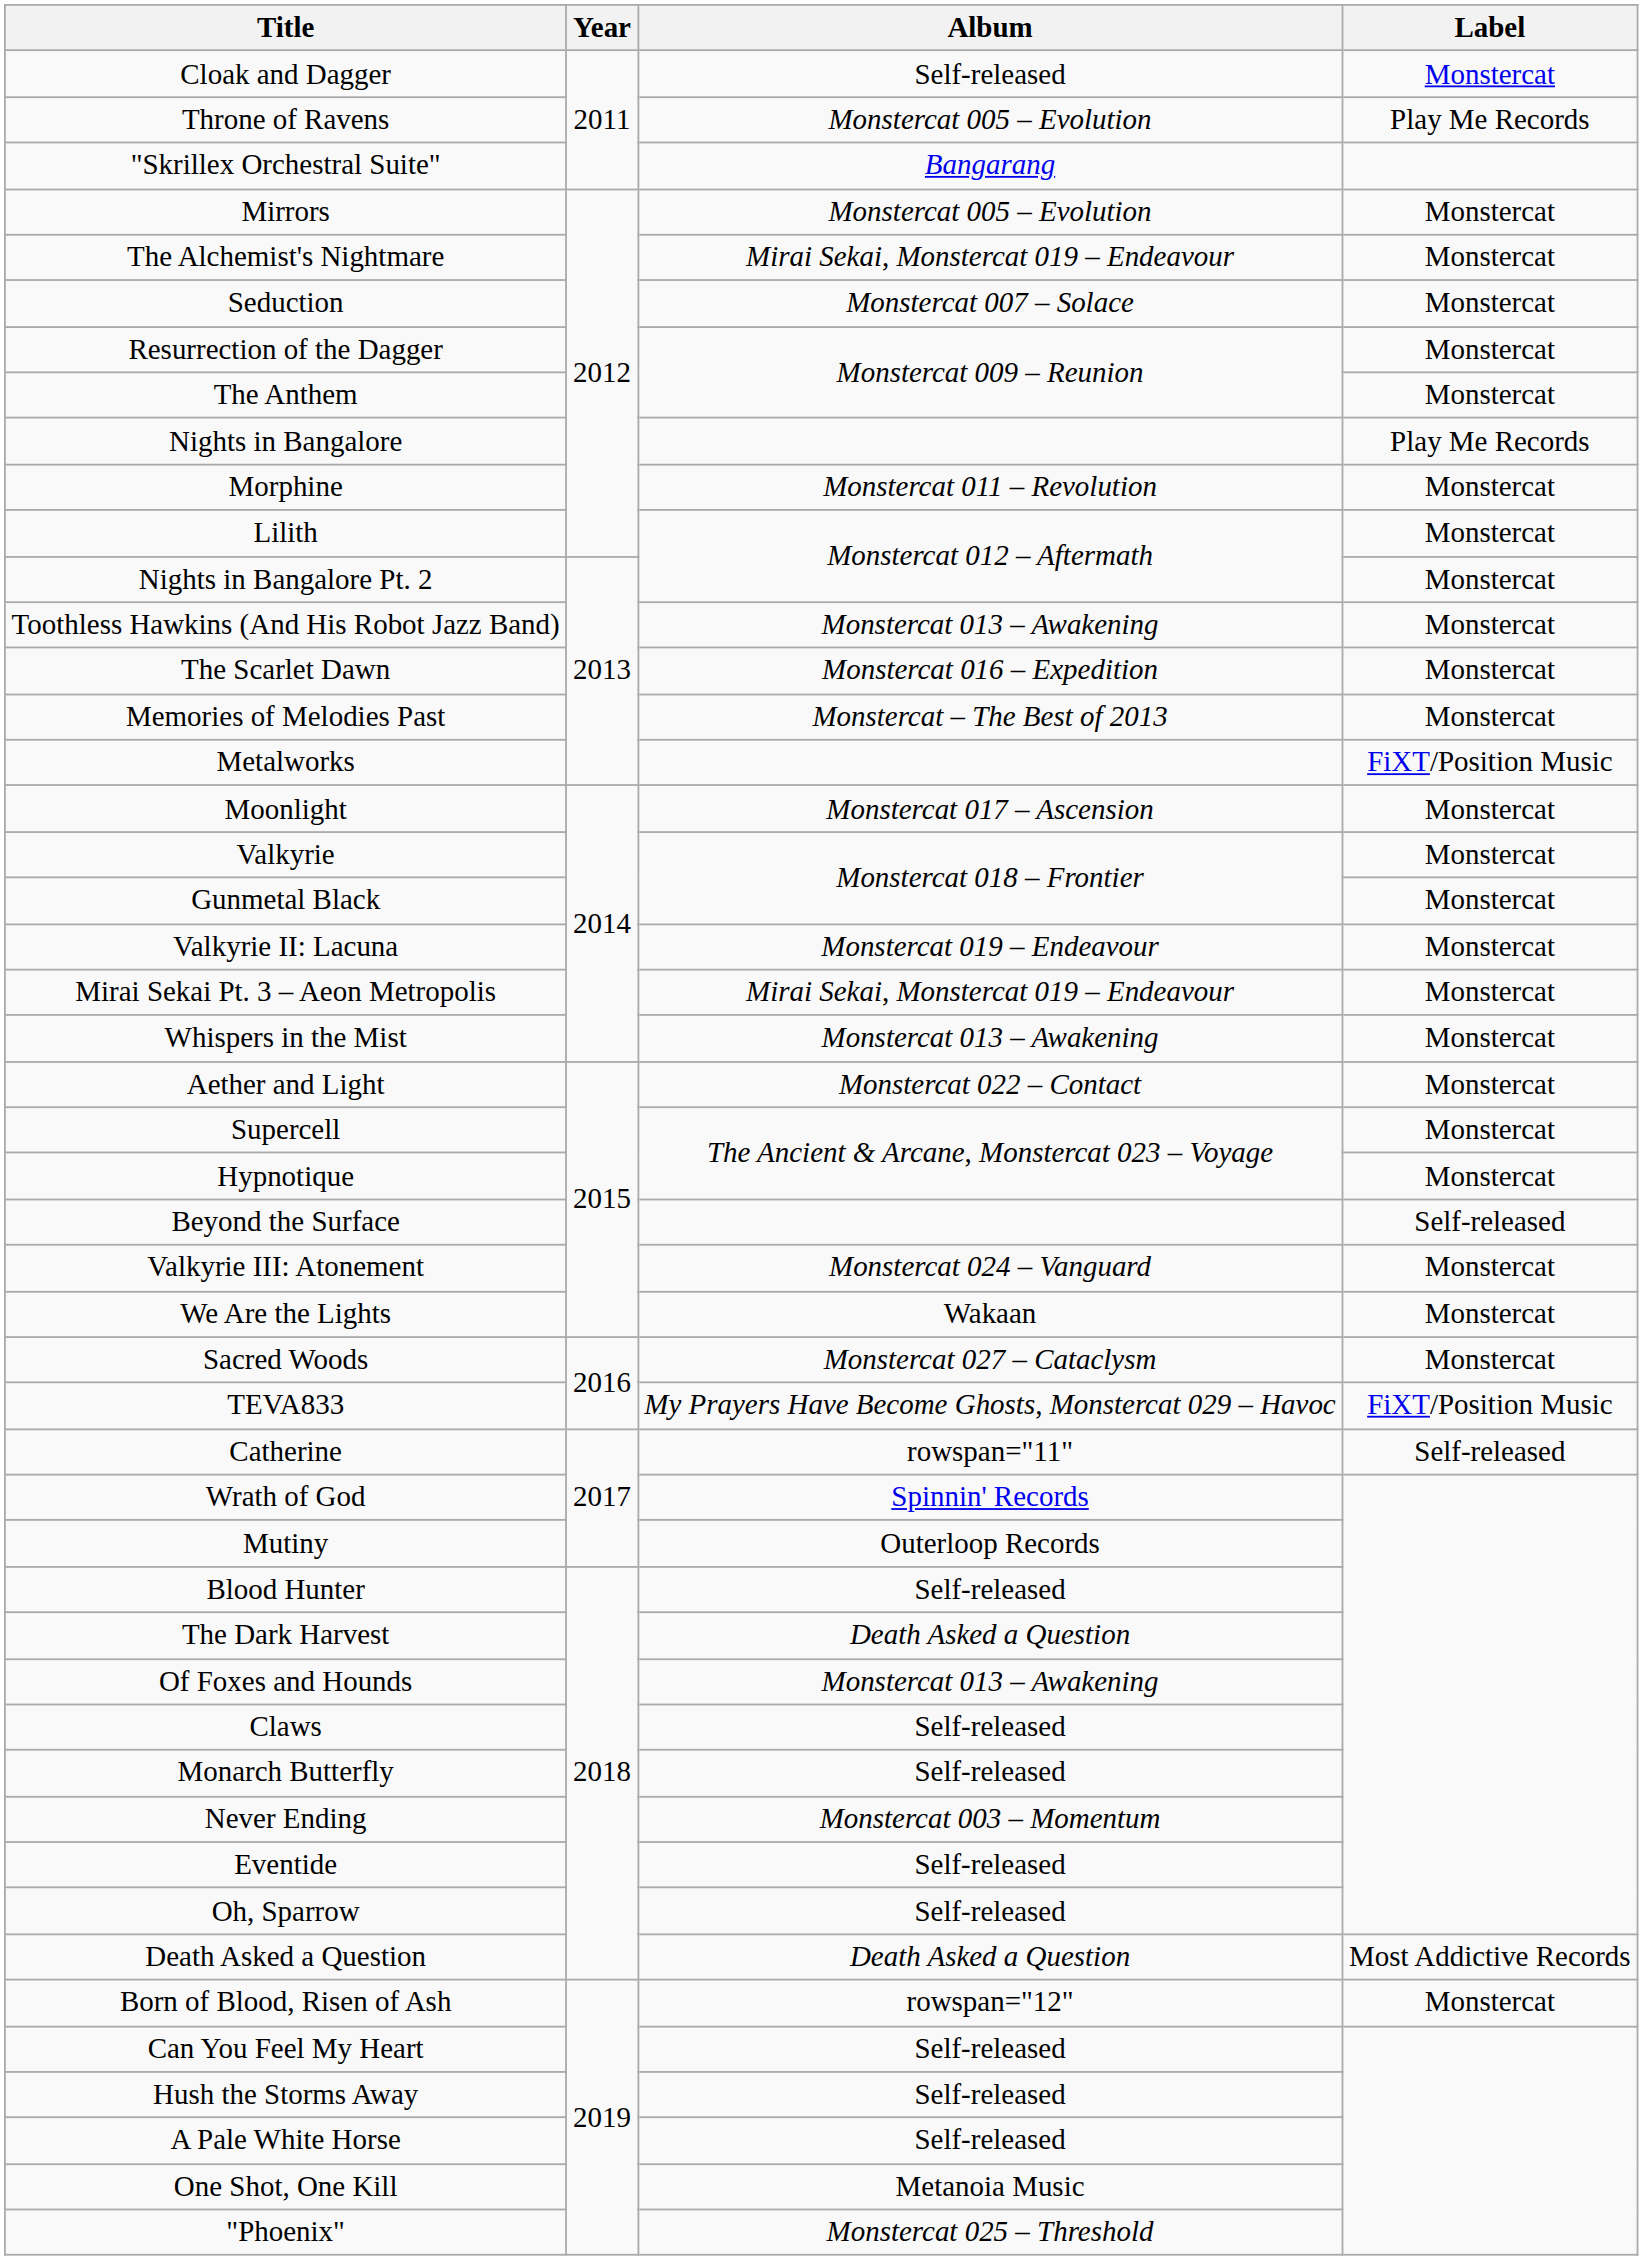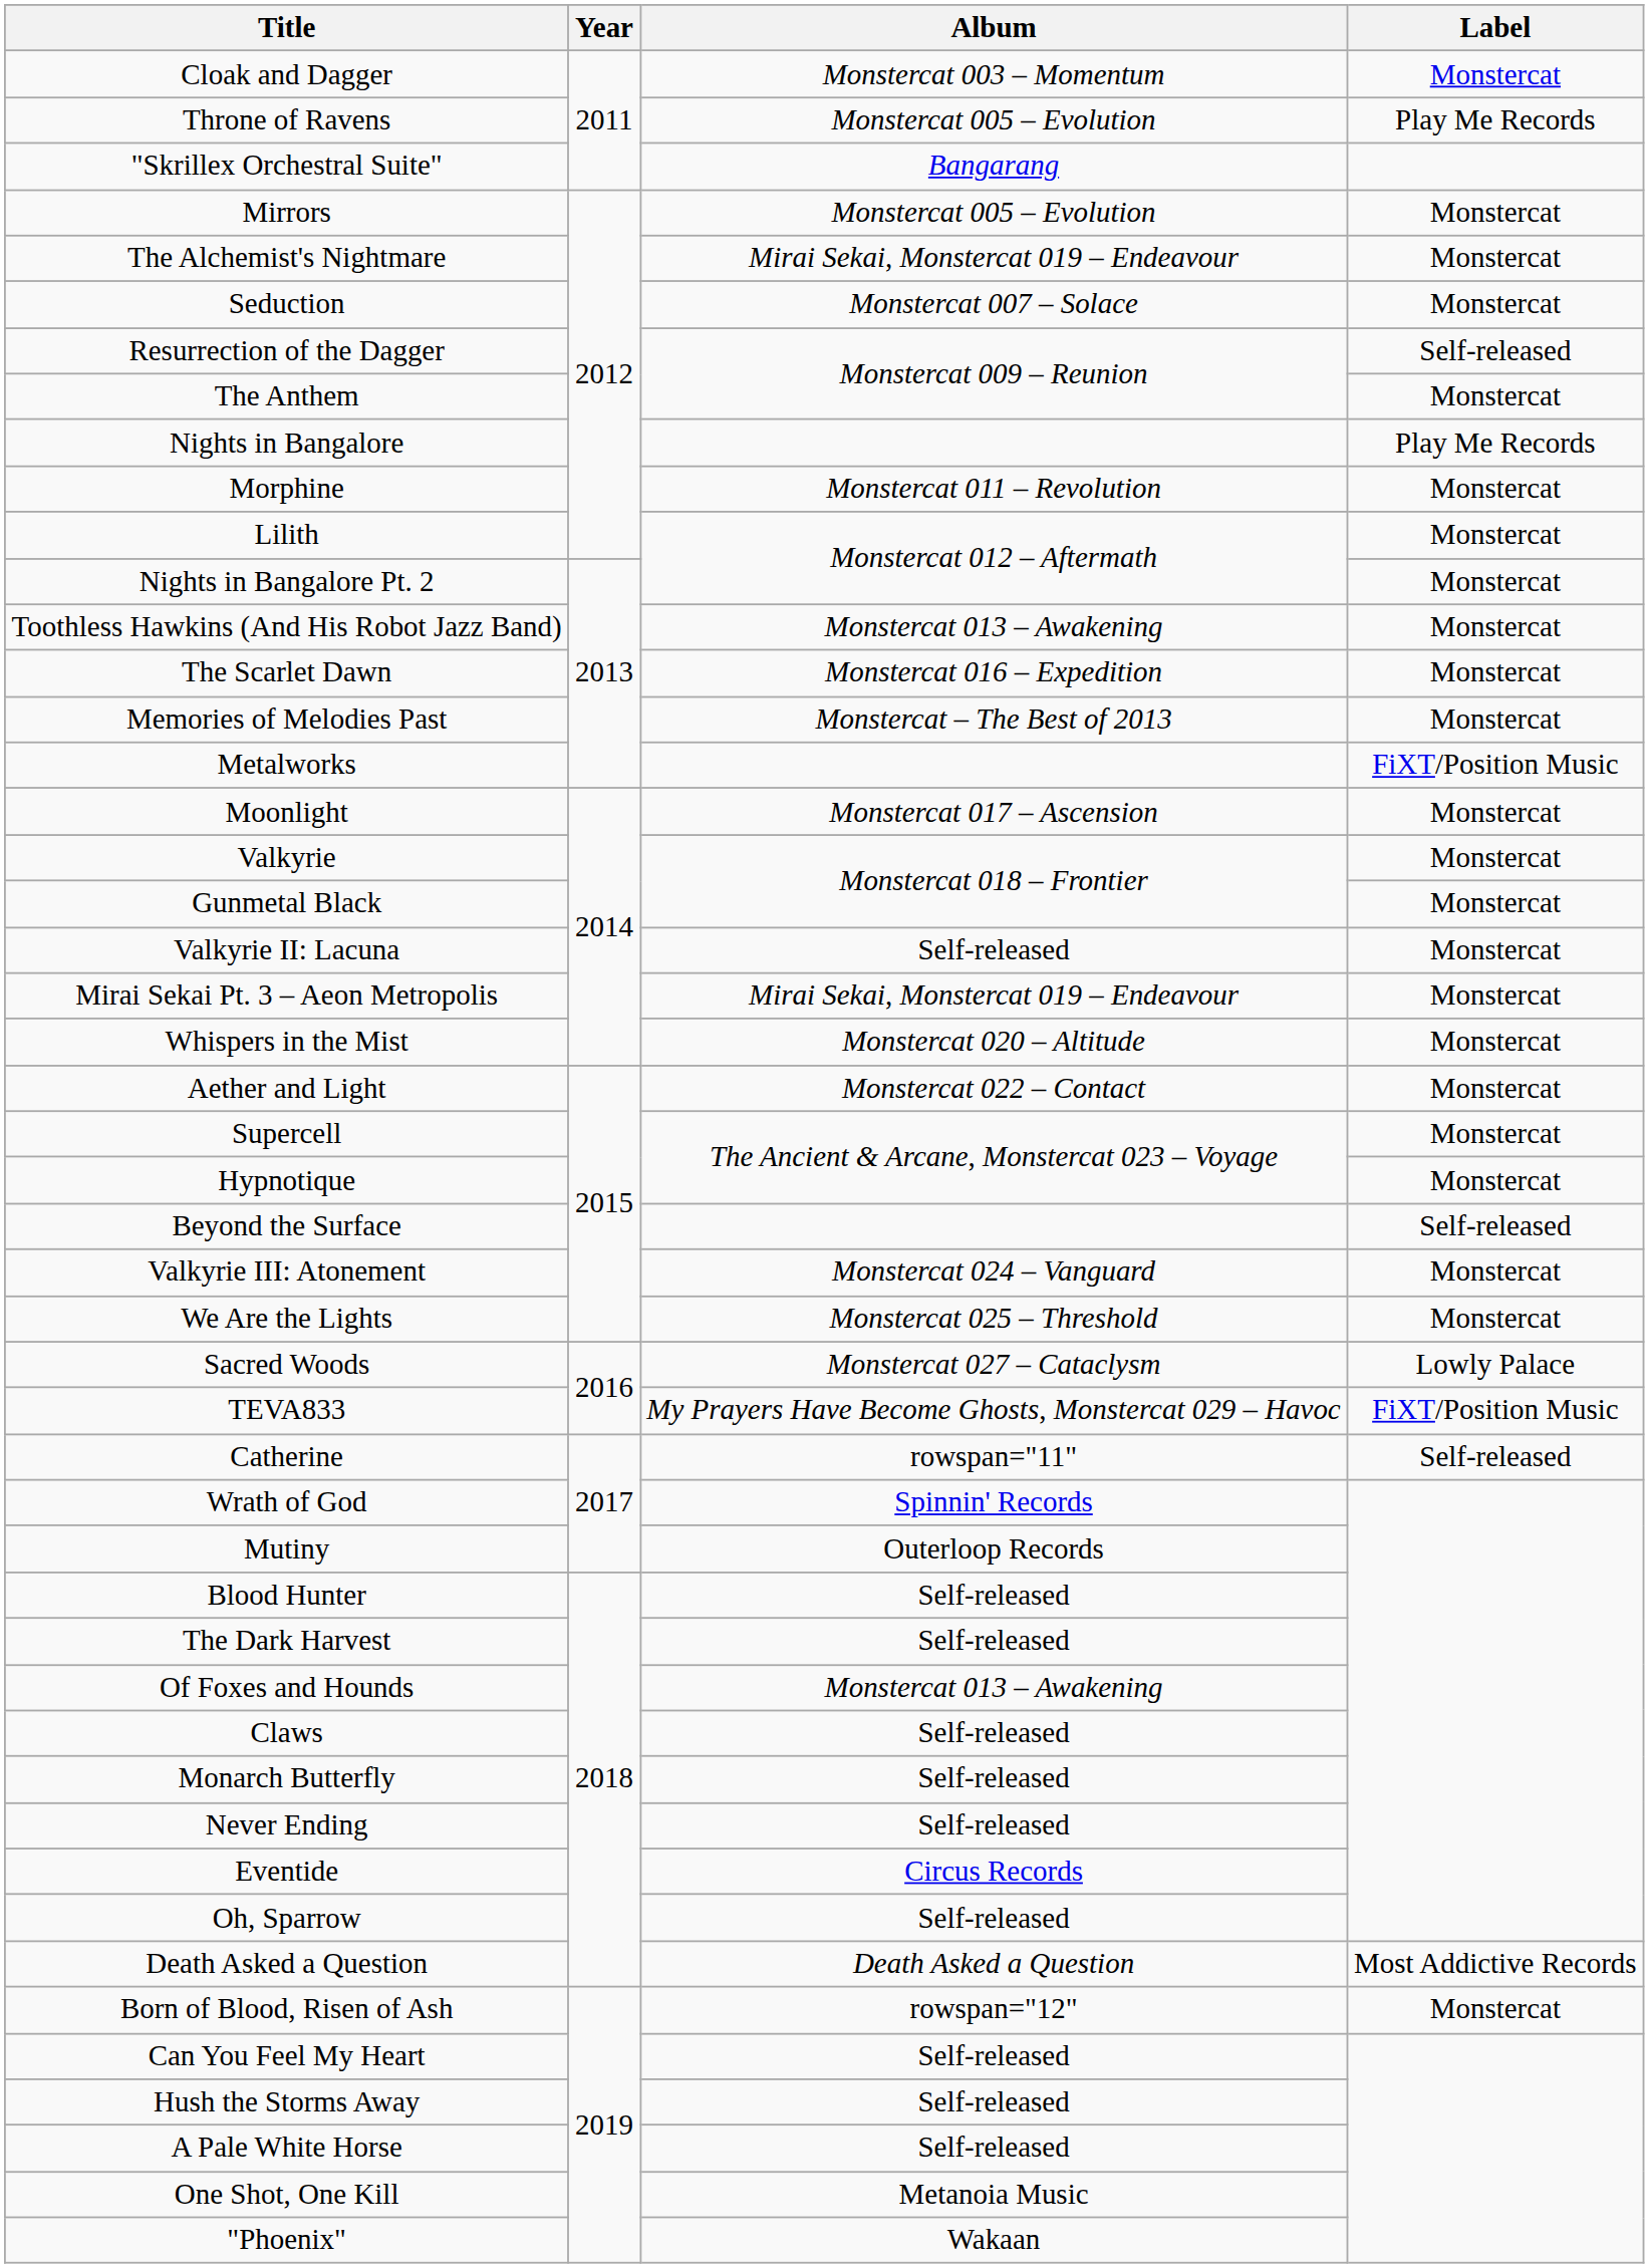 <table class="wikitable plainrowheaders" style="text-align:center;">
 <tr>
 <th scope="col">Title</th>
 <th scope="col">Year</th>
 <th scope="col">Album</th>
 <th scope="col">Label</th>
 </tr>
 <tr>
 <td>Cloak and Dagger</td>
 <td rowspan="3">2011</td>
-<td>Self-released</td>
+<td><em>Monstercat 003 – Momentum</em></td>
 <td><a href='#'>Monstercat</a></td>
 </tr>
 <tr>
 <td>Throne of Ravens</td>
 <td><em>Monstercat 005 – Evolution</em></td>
 <td>Play Me Records</td>
 </tr>
 <tr>
 <td>"Skrillex Orchestral Suite"<br></td>
 <td><em><a href='#'>Bangarang</a></em></td>
 <td></td>
 </tr>
 <tr>
 <td>Mirrors</td>
 <td rowspan="8">2012</td>
 <td><em>Monstercat 005 – Evolution</em></td>
 <td>Monstercat</td>
 </tr>
 <tr>
 <td>The Alchemist's Nightmare</td>
 <td><em>Mirai Sekai</em>, <em>Monstercat 019 – Endeavour</em></td>
 <td>Monstercat</td>
 </tr>
 <tr>
 <td>Seduction</td>
 <td><em>Monstercat 007 – Solace</em></td>
 <td>Monstercat</td>
 </tr>
 <tr>
 <td>Resurrection of the Dagger</td>
 <td rowspan="2"><em>Monstercat 009 – Reunion</em></td>
-<td>Monstercat</td>
+<td>Self-released</td>
 </tr>
 <tr>
 <td>The Anthem </td>
 <td>Monstercat</td>
 </tr>
 <tr>
 <td>Nights in Bangalore</td>
 <td></td>
 <td>Play Me Records</td>
 </tr>
 <tr>
 <td>Morphine</td>
 <td><em>Monstercat 011 – Revolution</em></td>
 <td>Monstercat</td>
 </tr>
 <tr>
 <td>Lilith</td>
 <td rowspan="2"><em>Monstercat 012 – Aftermath</em></td>
 <td>Monstercat</td>
 </tr>
 <tr>
 <td>Nights in Bangalore Pt. 2</td>
 <td rowspan="5">2013</td>
 <td>Monstercat</td>
 </tr>
 <tr>
 <td>Toothless Hawkins (And His Robot Jazz Band) </td>
 <td><em>Monstercat 013 – Awakening</em></td>
 <td>Monstercat</td>
 </tr>
 <tr>
 <td>The Scarlet Dawn</td>
 <td><em>Monstercat 016 – Expedition</em></td>
 <td>Monstercat</td>
 </tr>
 <tr>
 <td>Memories of Melodies Past</td>
 <td><em>Monstercat – The Best of 2013</em></td>
 <td>Monstercat</td>
 </tr>
 <tr>
 <td>Metalworks</td>
 <td></td>
 <td><a href='#'>FiXT</a>/Position Music</td>
 </tr>
 <tr>
 <td>Moonlight </td>
 <td rowspan="6">2014</td>
 <td><em>Monstercat 017 – Ascension</em></td>
 <td>Monstercat</td>
 </tr>
 <tr>
 <td>Valkyrie </td>
 <td rowspan="2"><em>Monstercat 018 – Frontier</em></td>
 <td>Monstercat</td>
 </tr>
 <tr>
 <td>Gunmetal Black</td>
 <td>Monstercat</td>
 </tr>
 <tr>
 <td>Valkyrie II: Lacuna </td>
-<td><em>Monstercat 019 – Endeavour</em></td>
+<td>Self-released</td>
 <td>Monstercat</td>
 </tr>
 <tr>
 <td>Mirai Sekai Pt. 3 – Aeon Metropolis</td>
 <td><em>Mirai Sekai</em>, <em>Monstercat 019 – Endeavour</em></td>
 <td>Monstercat</td>
 </tr>
 <tr>
 <td>Whispers in the Mist </td>
-<td><em>Monstercat 013 – Awakening</em></td>
+<td><em>Monstercat 020 – Altitude</em></td>
 <td>Monstercat</td>
 </tr>
 <tr>
 <td>Aether and Light</td>
 <td rowspan="6">2015</td>
 <td><em>Monstercat 022 – Contact</em></td>
 <td>Monstercat</td>
 </tr>
 <tr>
 <td>Supercell </td>
 <td rowspan="2"><em>The Ancient & Arcane</em>, <em>Monstercat 023 – Voyage</em></td>
 <td>Monstercat</td>
 </tr>
 <tr>
 <td>Hypnotique </td>
 <td>Monstercat</td>
 </tr>
 <tr>
 <td>Beyond the Surface</td>
 <td></td>
 <td>Self-released</td>
 </tr>
 <tr>
 <td>Valkyrie III:  Atonement </td>
 <td><em>Monstercat 024 – Vanguard</em></td>
 <td>Monstercat</td>
 </tr>
 <tr>
 <td>We Are the Lights </td>
-<td>Wakaan</td>
+<td><em>Monstercat 025 – Threshold</em></td>
 <td>Monstercat</td>
 </tr>
 <tr>
 <td>Sacred Woods </td>
 <td rowspan="2">2016</td>
 <td><em>Monstercat 027 – Cataclysm</em></td>
-<td>Monstercat</td>
+<td>Lowly Palace</td>
 </tr>
 <tr>
 <td>TEVA833</td>
 <td><em>My Prayers Have Become Ghosts</em>, <em>Monstercat 029 – Havoc</em></td>
 <td><a href='#'>FiXT</a>/Position Music</td>
 </tr>
 <tr>
 <td>Catherine </td>
 <td rowspan="3">2017</td>
 <td>rowspan="11" </td>
 <td>Self-released</td>
 </tr>
 <tr>
 <td>Wrath of God </td>
 <td><a href='#'>Spinnin' Records</a></td>
 </tr>
 <tr>
 <td>Mutiny</td>
 <td>Outerloop Records</td>
 </tr>
 <tr>
 <td>Blood Hunter</td>
 <td rowspan="9">2018</td>
 <td>Self-released</td>
 </tr>
 <tr>
 <td>The Dark Harvest</td>
-<td><em>Death Asked a Question</em></td>
+<td>Self-released</td>
 </tr>
 <tr>
 <td>Of Foxes and Hounds</td>
 <td><em>Monstercat 013 – Awakening</em></td>
 </tr>
 <tr>
 <td>Claws</td>
 <td>Self-released</td>
 </tr>
 <tr>
 <td>Monarch Butterfly</td>
 <td>Self-released</td>
 </tr>
 <tr>
 <td>Never Ending </td>
-<td><em>Monstercat 003 – Momentum</em></td>
+<td>Self-released</td>
 </tr>
 <tr>
 <td>Eventide </td>
-<td>Self-released</td>
+<td><a href='#'>Circus Records</a></td>
 </tr>
 <tr>
 <td>Oh, Sparrow</td>
 <td>Self-released</td>
 </tr>
 <tr>
 <td>Death Asked a Question</td>
 <td><em>Death Asked a Question</em></td>
 <td>Most Addictive Records</td>
 </tr>
 <tr>
 <td>Born of Blood, Risen of Ash</td>
 <td rowspan="10">2019</td>
 <td>rowspan="12" </td>
 <td>Monstercat</td>
 </tr>
 <tr>
 <td>Can You Feel My Heart </td>
 <td>Self-released</td>
 </tr>
 <tr>
 <td>Hush the Storms Away </td>
 <td>Self-released</td>
 </tr>
 <tr>
 <td>A Pale White Horse</td>
 <td>Self-released</td>
 </tr>
 <tr>
 <td>One Shot, One Kill</td>
 <td>Metanoia Music</td>
 </tr>
 <tr>
 <td>"Phoenix"<br> </td>
-<td><em>Monstercat 025 – Threshold</em></td>
+<td>Wakaan</td>
 </tr>
 </table>
